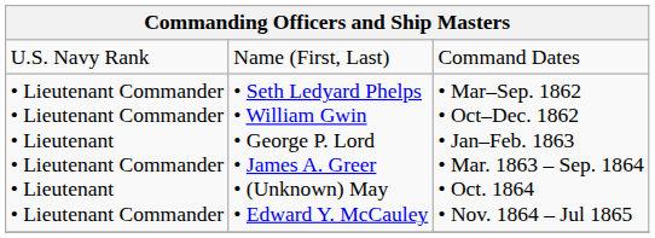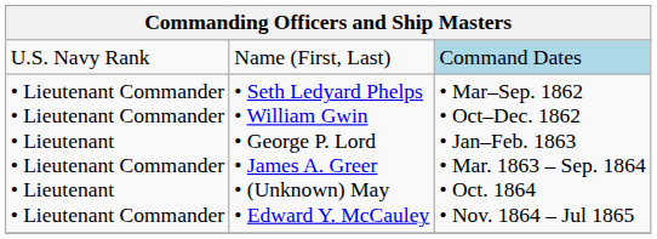 <table class="wikitable" style="font-size:97%;">
 <tr>
 <th colspan="3">Commanding Officers and Ship Masters</th>
 </tr>
 <tr>
 <td>U.S. Navy Rank</td>
 <td>Name (First, Last)</td>
-<td>Command Dates</td>
+<td style="background: lightblue;">Command Dates</td>
 </tr>
 <tr>
 <td valign=top>• Lieutenant Commander<br>• Lieutenant Commander<br>• Lieutenant<br>• Lieutenant Commander<br>• Lieutenant<br>• Lieutenant Commander</td>
 <td valign=top>• <a href='#'>Seth Ledyard Phelps</a><br>• <a href='#'>William Gwin</a><br>• George P. Lord<br>• <a href='#'>James A. Greer</a><br>• (Unknown) May<br>• <a href='#'>Edward Y. McCauley</a></td>
 <td valign=top>• Mar–Sep. 1862<br>• Oct–Dec. 1862<br>• Jan–Feb. 1863<br>• Mar. 1863 – Sep. 1864<br>• Oct. 1864<br>• Nov. 1864 – Jul 1865</td>
 </tr>
 <tr>
 </tr>
 </table>
